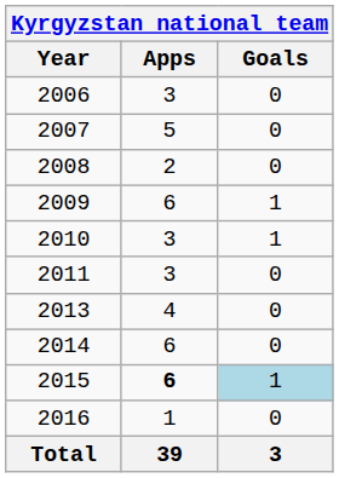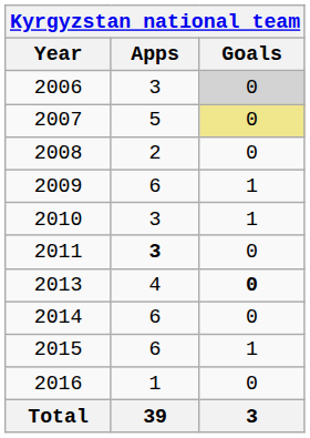 <table class="wikitable" style="text-align:center">
 <tr>
 <th colspan=3><a href='#'>Kyrgyzstan national team</a></th>
 </tr>
 <tr>
 <th>Year</th>
 <th>Apps</th>
 <th>Goals</th>
 </tr>
 <tr>
 <td>2006</td>
 <td>3</td>
-<td>0</td>
+<td style="background: lightgrey;">0</td>
 </tr>
 <tr>
 <td>2007</td>
 <td>5</td>
-<td>0</td>
+<td style="background: khaki;">0</td>
 </tr>
 <tr>
 <td>2008</td>
 <td>2</td>
 <td>0</td>
 </tr>
 <tr>
 <td>2009</td>
 <td>6</td>
 <td>1</td>
 </tr>
 <tr>
 <td>2010</td>
 <td>3</td>
 <td>1</td>
 </tr>
 <tr>
 <td>2011</td>
-<td>3</td>
+<td><strong>3</strong></td>
 <td>0</td>
 </tr>
 <tr>
 <td>2013</td>
 <td>4</td>
-<td>0</td>
+<td><strong>0</strong></td>
 </tr>
 <tr>
 <td>2014</td>
 <td>6</td>
 <td>0</td>
 </tr>
 <tr>
 <td>2015</td>
-<td><strong>6</strong></td>
-<td style="background: lightblue;">1</td>
+<td>6</td>
+<td>1</td>
 </tr>
 <tr>
 <td>2016</td>
 <td>1</td>
 <td>0</td>
 </tr>
 <tr>
 <th>Total</th>
 <th>39</th>
 <th>3</th>
 </tr>
 </table>
